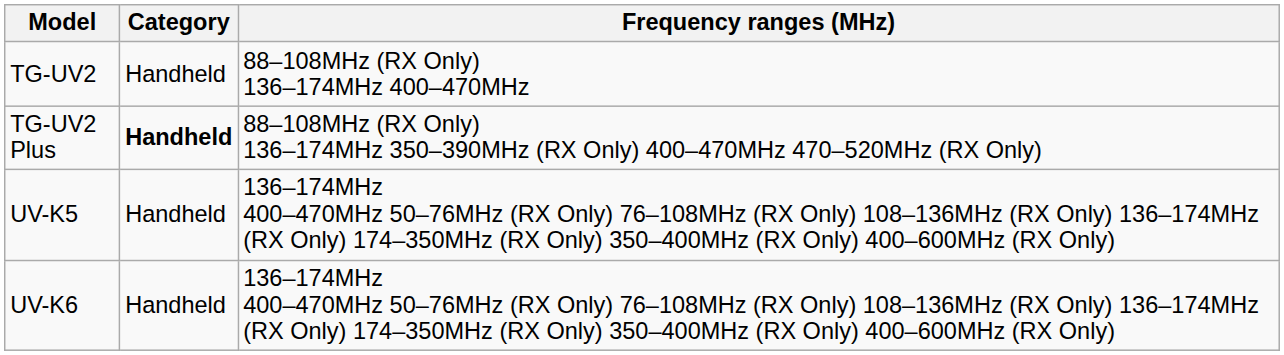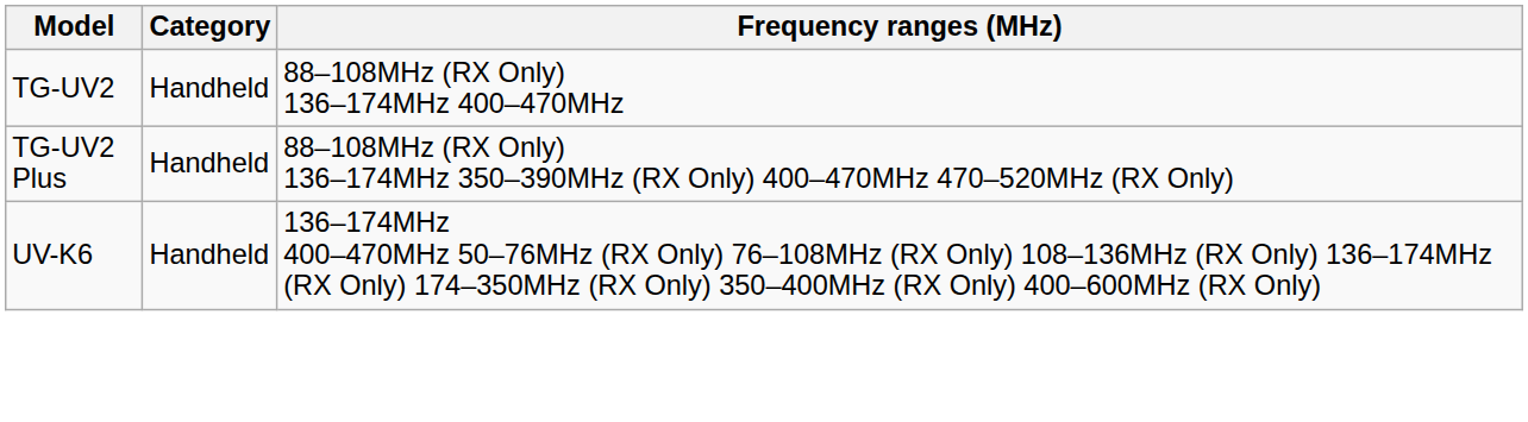 <table class="wikitable sortable">
 <tr>
 <th>Model</th>
 <th>Category</th>
 <th>Frequency ranges (MHz)</th>
 </tr>
 <tr>
 <td>TG-UV2</td>
 <td>Handheld</td>
 <td>88–108MHz (RX Only)<br>136–174MHz 400–470MHz</td>
 </tr>
 <tr>
 <td>TG-UV2 Plus</td>
-<td><strong>Handheld</strong></td>
+<td>Handheld</td>
 <td>88–108MHz (RX Only)<br>136–174MHz 350–390MHz (RX Only) 400–470MHz 470–520MHz (RX Only)</td>
-</tr>
-<tr>
-<td>UV-K5</td>
-<td>Handheld</td>
-<td>136–174MHz<br>400–470MHz 50–76MHz (RX Only) 76–108MHz (RX Only) 108–136MHz (RX Only) 136–174MHz (RX Only) 174–350MHz (RX Only) 350–400MHz (RX Only) 400–600MHz (RX Only)</td>
 </tr>
 <tr>
 <td>UV-K6</td>
 <td>Handheld</td>
 <td>136–174MHz<br>400–470MHz 50–76MHz (RX Only) 76–108MHz (RX Only) 108–136MHz (RX Only) 136–174MHz (RX Only) 174–350MHz (RX Only) 350–400MHz (RX Only) 400–600MHz (RX Only)</td>
 </tr>
 </table>
